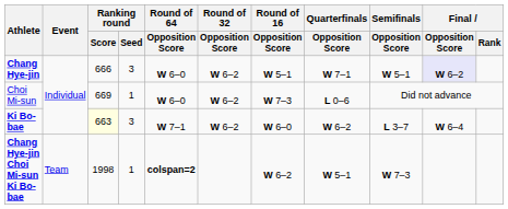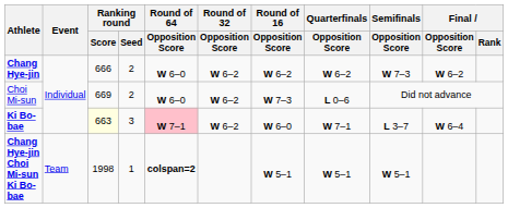 <table class="wikitable" style="font-size:90%">
 <tr>
 <th rowspan=2>Athlete</th>
 <th rowspan=2>Event</th>
 <th colspan="2">Ranking round</th>
 <th>Round of 64</th>
 <th>Round of 32</th>
 <th>Round of 16</th>
 <th>Quarterfinals</th>
 <th>Semifinals</th>
 <th colspan="2">Final / </th>
 </tr>
 <tr style="font-size:95%">
 <th>Score</th>
 <th>Seed</th>
 <th>Opposition<br>Score</th>
 <th>Opposition<br>Score</th>
 <th>Opposition<br>Score</th>
 <th>Opposition<br>Score</th>
 <th>Opposition<br>Score</th>
 <th>Opposition<br>Score</th>
 <th>Rank</th>
 </tr>
 <tr align=center>
 <td align=left><strong><a href='#'>Chang Hye-jin</a></strong></td>
 <td align=left rowspan=3><a href='#'>Individual</a></td>
 <td>666</td>
-<td>3</td>
+<td>2</td>
 <td><br><strong>W</strong> 6–0</td>
 <td><br><strong>W</strong> 6–2</td>
-<td><br><strong>W</strong> 5–1</td>
-<td><br><strong>W</strong> 7–1</td>
-<td><br><strong>W</strong> 5–1</td>
-<td style="background: lavender;"><br><strong>W</strong> 6–2</td>
+<td><br><strong>W</strong> 6–2</td>
+<td><br><strong>W</strong> 6–2</td>
+<td><br><strong>W</strong> 7–3</td>
+<td><br><strong>W</strong> 6–2</td>
 <td></td>
 </tr>
 <tr align=center>
 <td align=left><a href='#'>Choi Mi-sun</a></td>
 <td>669</td>
-<td>1</td>
+<td>2</td>
 <td><br><strong>W</strong> 6–0</td>
 <td><br><strong>W</strong> 6–2</td>
 <td><br><strong>W</strong> 7–3</td>
 <td><br><strong>L</strong> 0–6</td>
 <td colspan=3>Did not advance</td>
 </tr>
 <tr align=center>
 <td align=left><strong><a href='#'>Ki Bo-bae</a></strong></td>
 <td style="background: lightyellow;">663</td>
 <td>3</td>
-<td><br><strong>W</strong> 7–1</td>
+<td style="background: pink;"><br><strong>W</strong> 7–1</td>
 <td><br><strong>W</strong> 6–2</td>
 <td><br><strong>W</strong> 6–0</td>
-<td><br><strong>W</strong> 6–2</td>
+<td><br><strong>W</strong> 7–1</td>
 <td><br><strong>L</strong> 3–7</td>
 <td><br><strong>W</strong> 6–4</td>
 <td></td>
 </tr>
 <tr align=center>
 <td align=left><strong><a href='#'>Chang Hye-jin</a><br><a href='#'>Choi Mi-sun</a><br><a href='#'>Ki Bo-bae</a></strong></td>
 <td align=left><a href='#'>Team</a></td>
 <td>1998</td>
 <td>1</td>
 <td><strong>colspan=2 </strong></td>
 <td></td>
-<td><br><strong>W</strong> 6–2</td>
 <td><br><strong>W</strong> 5–1</td>
-<td><br><strong>W</strong> 7–3</td>
+<td><br><strong>W</strong> 5–1</td>
+<td><br><strong>W</strong> 5–1</td>
 <td></td>
 </tr>
 </table>
